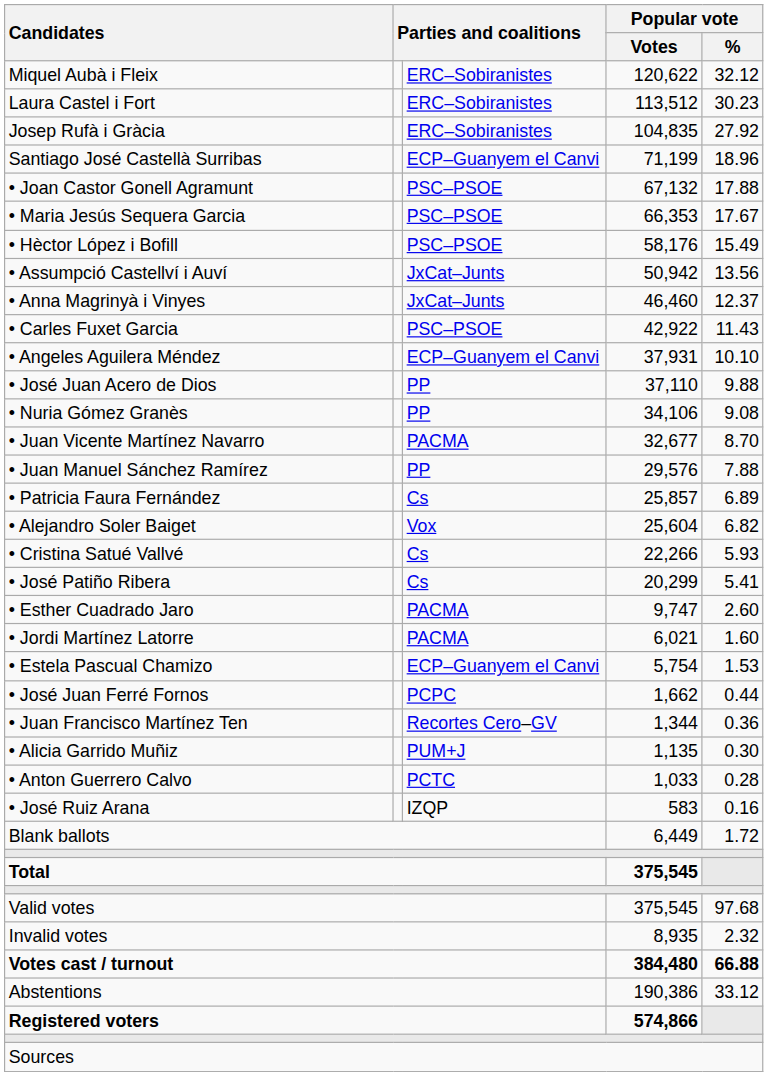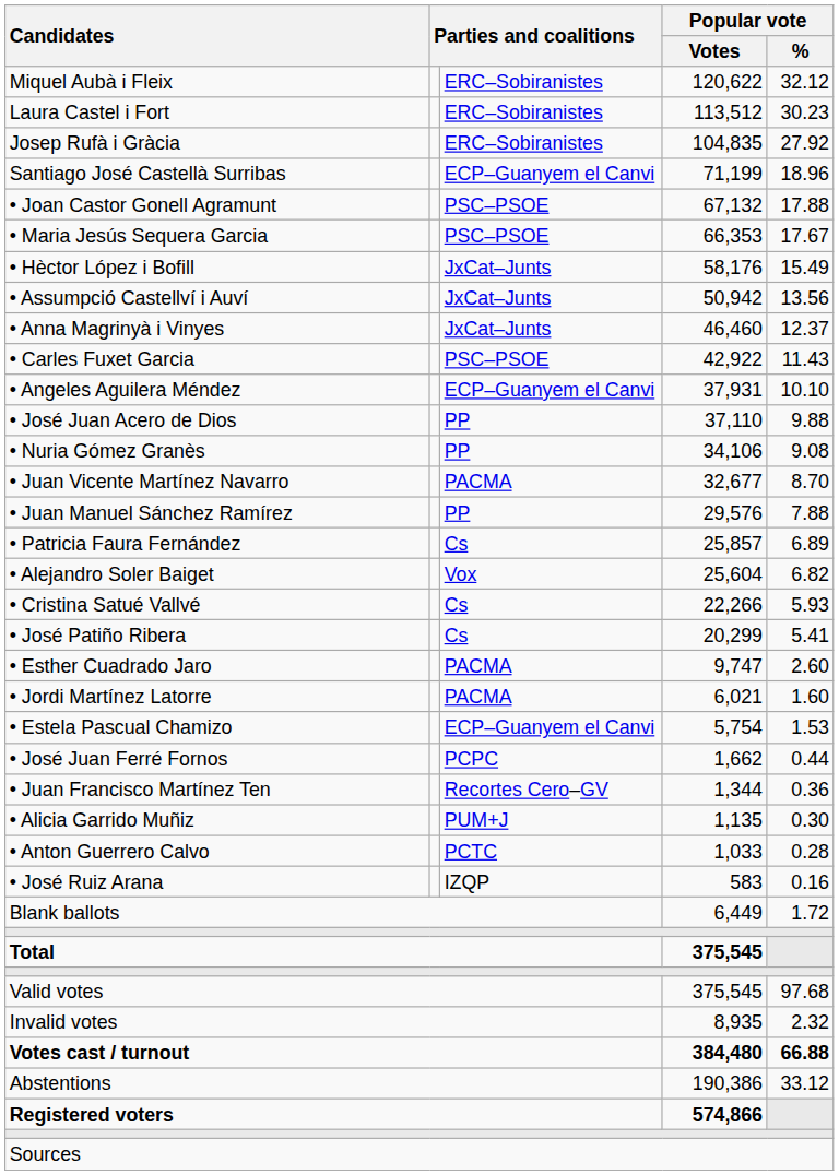 <table class="wikitable" style="text-align:right; font-size:95%;">
 <tr>
 <th style="text-align:left;" rowspan="2" width="325">Candidates</th>
 <th style="text-align:left;" rowspan="2" colspan="2" width="175">Parties and coalitions</th>
 <th colspan="2">Popular vote</th>
 </tr>
 <tr>
 <th width="75">Votes</th>
 <th width="45">%</th>
 </tr>
 <tr>
 <td align="left"> Miquel Aubà i Fleix</td>
 <td width="1" style="color:inherit;background:"></td>
 <td align="left"><a href='#'>ERC–Sobiranistes</a></td>
 <td>120,622</td>
 <td>32.12</td>
 </tr>
 <tr>
 <td align="left"> Laura Castel i Fort</td>
 <td style="color:inherit;background:"></td>
 <td align="left"><a href='#'>ERC–Sobiranistes</a></td>
 <td>113,512</td>
 <td>30.23</td>
 </tr>
 <tr>
 <td align="left"> Josep Rufà i Gràcia</td>
 <td style="color:inherit;background:"></td>
 <td align="left"><a href='#'>ERC–Sobiranistes</a></td>
 <td>104,835</td>
 <td>27.92</td>
 </tr>
 <tr>
 <td align="left"> Santiago José Castellà Surribas</td>
 <td style="color:inherit;background:"></td>
 <td align="left"><a href='#'>ECP–Guanyem el Canvi</a></td>
 <td>71,199</td>
 <td>18.96</td>
 </tr>
 <tr>
 <td align="left">• Joan Castor Gonell Agramunt</td>
 <td style="color:inherit;background:"></td>
 <td align="left"><a href='#'>PSC–PSOE</a></td>
 <td>67,132</td>
 <td>17.88</td>
 </tr>
 <tr>
 <td align="left">• Maria Jesús Sequera Garcia</td>
 <td style="color:inherit;background:"></td>
 <td align="left"><a href='#'>PSC–PSOE</a></td>
 <td>66,353</td>
 <td>17.67</td>
 </tr>
 <tr>
 <td align="left">• Hèctor López i Bofill</td>
 <td style="color:inherit;background:"></td>
-<td align="left"><a href='#'>PSC–PSOE</a></td>
+<td align="left"><a href='#'>JxCat–Junts</a></td>
 <td>58,176</td>
 <td>15.49</td>
 </tr>
 <tr>
 <td align="left">• Assumpció Castellví i Auví</td>
 <td style="color:inherit;background:"></td>
 <td align="left"><a href='#'>JxCat–Junts</a></td>
 <td>50,942</td>
 <td>13.56</td>
 </tr>
 <tr>
 <td align="left">• Anna Magrinyà i Vinyes</td>
 <td style="color:inherit;background:"></td>
 <td align="left"><a href='#'>JxCat–Junts</a></td>
 <td>46,460</td>
 <td>12.37</td>
 </tr>
 <tr>
 <td align="left">• Carles Fuxet Garcia</td>
 <td style="color:inherit;background:"></td>
 <td align="left"><a href='#'>PSC–PSOE</a></td>
 <td>42,922</td>
 <td>11.43</td>
 </tr>
 <tr>
 <td align="left">• Angeles Aguilera Méndez</td>
 <td style="color:inherit;background:"></td>
 <td align="left"><a href='#'>ECP–Guanyem el Canvi</a></td>
 <td>37,931</td>
 <td>10.10</td>
 </tr>
 <tr>
 <td align="left">• José Juan Acero de Dios</td>
 <td style="color:inherit;background:"></td>
 <td align="left"><a href='#'>PP</a></td>
 <td>37,110</td>
 <td>9.88</td>
 </tr>
 <tr>
 <td align="left">• Nuria Gómez Granès</td>
 <td style="color:inherit;background:"></td>
 <td align="left"><a href='#'>PP</a></td>
 <td>34,106</td>
 <td>9.08</td>
 </tr>
 <tr>
 <td align="left">• Juan Vicente Martínez Navarro</td>
 <td style="color:inherit;background:"></td>
 <td align="left"><a href='#'>PACMA</a></td>
 <td>32,677</td>
 <td>8.70</td>
 </tr>
 <tr>
 <td align="left">• Juan Manuel Sánchez Ramírez</td>
 <td style="color:inherit;background:"></td>
 <td align="left"><a href='#'>PP</a></td>
 <td>29,576</td>
 <td>7.88</td>
 </tr>
 <tr>
 <td align="left">• Patricia Faura Fernández</td>
 <td style="color:inherit;background:"></td>
 <td align="left"><a href='#'>Cs</a></td>
 <td>25,857</td>
 <td>6.89</td>
 </tr>
 <tr>
 <td align="left">• Alejandro Soler Baiget</td>
 <td style="color:inherit;background:"></td>
 <td align="left"><a href='#'>Vox</a></td>
 <td>25,604</td>
 <td>6.82</td>
 </tr>
 <tr>
 <td align="left">• Cristina Satué Vallvé</td>
 <td style="color:inherit;background:"></td>
 <td align="left"><a href='#'>Cs</a></td>
 <td>22,266</td>
 <td>5.93</td>
 </tr>
 <tr>
 <td align="left">• José Patiño Ribera</td>
 <td style="color:inherit;background:"></td>
 <td align="left"><a href='#'>Cs</a></td>
 <td>20,299</td>
 <td>5.41</td>
 </tr>
 <tr>
 <td align="left">• Esther Cuadrado Jaro</td>
 <td style="color:inherit;background:"></td>
 <td align="left"><a href='#'>PACMA</a></td>
 <td>9,747</td>
 <td>2.60</td>
 </tr>
 <tr>
 <td align="left">• Jordi Martínez Latorre</td>
 <td style="color:inherit;background:"></td>
 <td align="left"><a href='#'>PACMA</a></td>
 <td>6,021</td>
 <td>1.60</td>
 </tr>
 <tr>
 <td align="left">• Estela Pascual Chamizo</td>
 <td style="color:inherit;background:"></td>
 <td align="left"><a href='#'>ECP–Guanyem el Canvi</a></td>
 <td>5,754</td>
 <td>1.53</td>
 </tr>
 <tr>
 <td align="left">• José Juan Ferré Fornos</td>
 <td style="color:inherit;background:"></td>
 <td align="left"><a href='#'>PCPC</a></td>
 <td>1,662</td>
 <td>0.44</td>
 </tr>
 <tr>
 <td align="left">• Juan Francisco Martínez Ten</td>
 <td style="color:inherit;background:"></td>
 <td align="left"><a href='#'>Recortes Cero</a>–<a href='#'>GV</a></td>
 <td>1,344</td>
 <td>0.36</td>
 </tr>
 <tr>
 <td align="left">• Alicia Garrido Muñiz</td>
 <td style="color:inherit;background:"></td>
 <td align="left"><a href='#'>PUM+J</a></td>
 <td>1,135</td>
 <td>0.30</td>
 </tr>
 <tr>
 <td align="left">• Anton Guerrero Calvo</td>
 <td style="color:inherit;background:"></td>
 <td align="left"><a href='#'>PCTC</a></td>
 <td>1,033</td>
 <td>0.28</td>
 </tr>
 <tr>
 <td align="left">• José Ruiz Arana</td>
 <td style="color:inherit;background:"></td>
 <td align="left">IZQP</td>
 <td>583</td>
 <td>0.16</td>
 </tr>
 <tr>
 <td align="left" colspan="3">Blank ballots</td>
 <td>6,449</td>
 <td>1.72</td>
 </tr>
 <tr>
 <td colspan="5" bgcolor="#E9E9E9"></td>
 </tr>
 <tr style="font-weight:bold;">
 <td align="left" colspan="3">Total</td>
 <td>375,545</td>
 <td bgcolor="#E9E9E9"></td>
 </tr>
 <tr>
 <td colspan="5" bgcolor="#E9E9E9"></td>
 </tr>
 <tr>
 <td align="left" colspan="3">Valid votes</td>
 <td>375,545</td>
 <td>97.68</td>
 </tr>
 <tr>
 <td align="left" colspan="3">Invalid votes</td>
 <td>8,935</td>
 <td>2.32</td>
 </tr>
 <tr style="font-weight:bold;">
 <td align="left" colspan="3">Votes cast / turnout</td>
 <td>384,480</td>
 <td>66.88</td>
 </tr>
 <tr>
 <td align="left" colspan="3">Abstentions</td>
 <td>190,386</td>
 <td>33.12</td>
 </tr>
 <tr style="font-weight:bold;">
 <td align="left" colspan="3">Registered voters</td>
 <td>574,866</td>
 <td bgcolor="#E9E9E9"></td>
 </tr>
 <tr>
 <td colspan="5" bgcolor="#E9E9E9"></td>
 </tr>
 <tr>
 <td align="left" colspan="5">Sources</td>
 </tr>
 </table>
